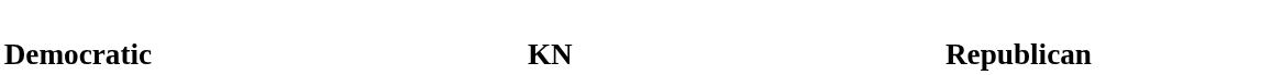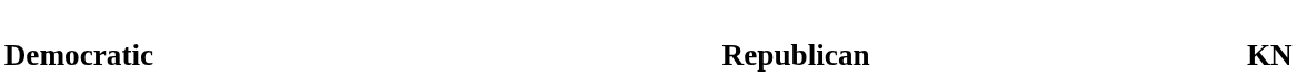 <table style="width:70%; text-align:center">
 <tr style="color:white">
 <td style="background:"><strong>133</strong></td>
+<td style="background:"><strong>90</strong></td>
 <td style="background:"><strong>14</strong></td>
-<td style="background:"><strong>90</strong></td>
 </tr>
 <tr>
 <td><span><strong>Democratic</strong></span></td>
+<td><span><strong>Republican</strong></span></td>
 <td><span><strong>KN</strong></span></td>
-<td><span><strong>Republican</strong></span></td>
 </tr>
 </table>
